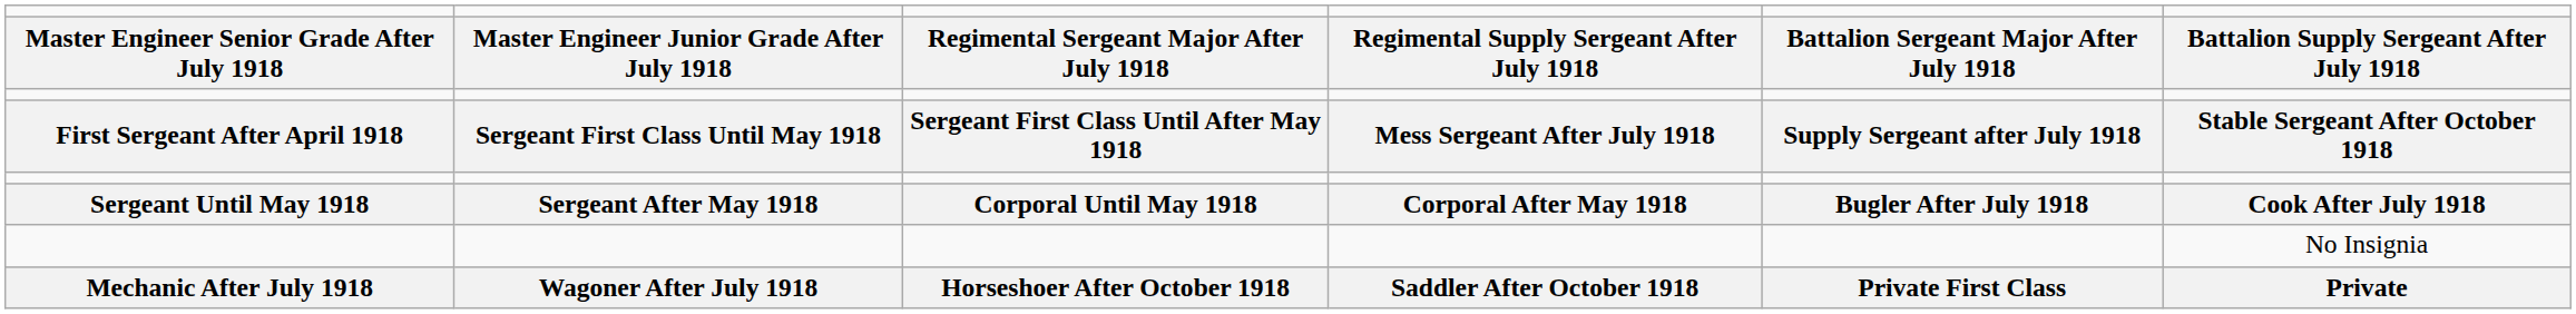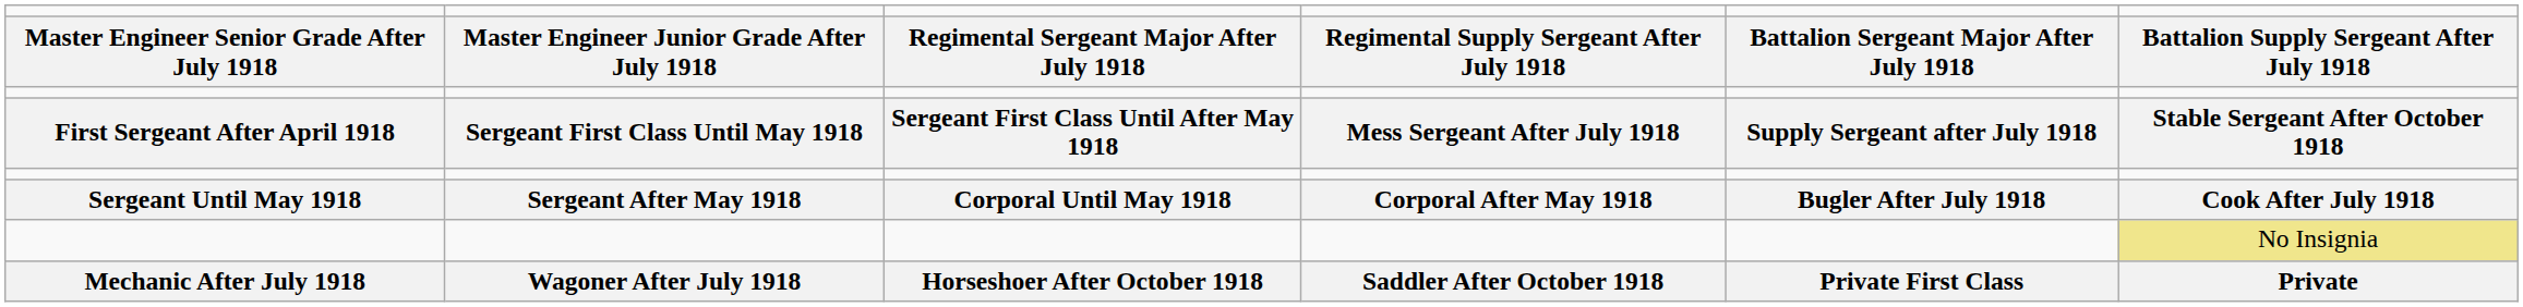 <table class="wikitable" style="text-align:center">
 <tr>
 <td></td>
 <td></td>
 <td></td>
 <td></td>
 <td></td>
 <td></td>
 </tr>
 <tr>
 <th>Master Engineer Senior Grade After July 1918</th>
 <th>Master Engineer Junior Grade After July 1918</th>
 <th>Regimental Sergeant Major After July 1918</th>
 <th>Regimental Supply Sergeant After July 1918</th>
 <th>Battalion Sergeant Major After July 1918</th>
 <th>Battalion Supply Sergeant After July 1918</th>
 </tr>
 <tr>
 <td></td>
 <td></td>
 <td></td>
 <td></td>
 <td></td>
 <td></td>
 </tr>
 <tr>
 <th>First Sergeant After April 1918</th>
 <th>Sergeant First Class Until May 1918</th>
 <th>Sergeant First Class Until After May 1918</th>
 <th>Mess Sergeant After July 1918</th>
 <th>Supply Sergeant after July 1918</th>
 <th>Stable Sergeant After October 1918</th>
 </tr>
 <tr>
 <td></td>
 <td></td>
 <td></td>
 <td></td>
 <td></td>
 <td></td>
 </tr>
 <tr>
 <th>Sergeant Until May 1918</th>
 <th>Sergeant After May 1918</th>
 <th>Corporal Until May 1918</th>
 <th>Corporal After May 1918</th>
 <th>Bugler After July 1918</th>
 <th>Cook After July 1918</th>
 </tr>
 <tr>
 <td></td>
 <td></td>
 <td></td>
 <td></td>
 <td></td>
-<td>No Insignia</td>
+<td style="background: khaki;">No Insignia</td>
 </tr>
 <tr>
 <th>Mechanic After July 1918</th>
 <th>Wagoner After July 1918</th>
 <th>Horseshoer After October 1918</th>
 <th>Saddler After October 1918</th>
 <th>Private First Class</th>
 <th>Private</th>
 </tr>
 </table>
